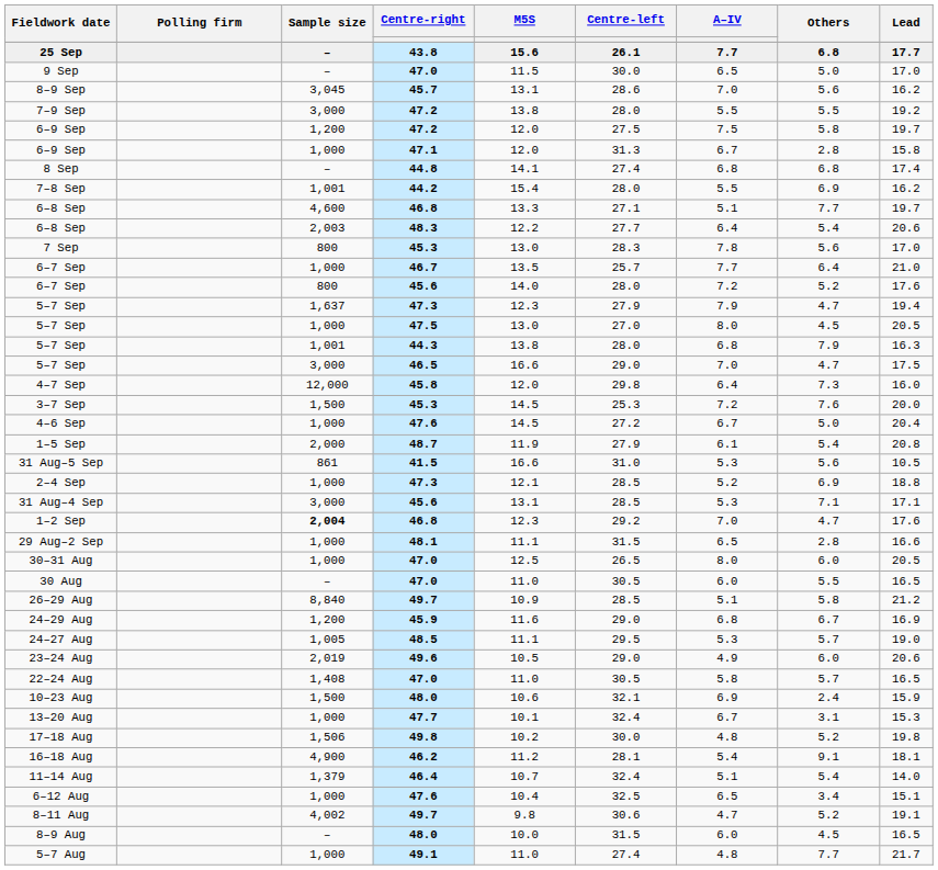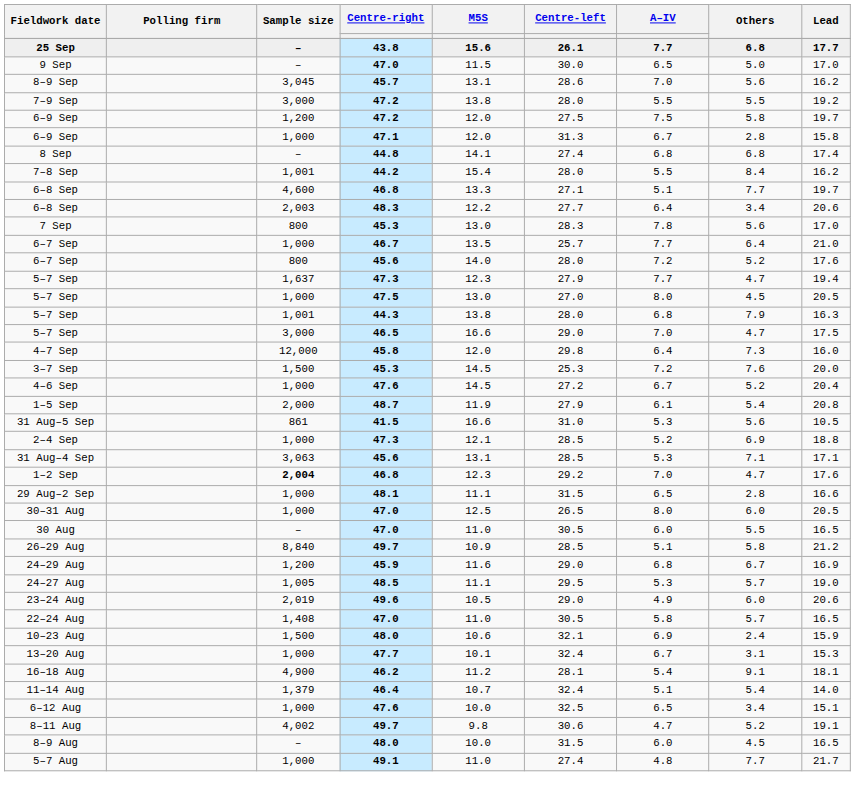 <table class="wikitable mw-collapsible" style="text-align:center;font-size:85%;line-height:13px">
 <tr style="height:30px; background-color:#E9E9E9">
 <th rowspan="2" style="width:100px;">Fieldwork date</th>
 <th rowspan="2" style="width:150px;">Polling firm</th>
 <th rowspan="2" style="width:80px;">Sample size</th>
 <th style="width:90px;"><a href='#'>Centre-right</a></th>
 <th style="width:90px;"><a href='#'>M5S</a></th>
 <th style="width:90px;"><a href='#'>Centre-left</a></th>
 <th style="width:90px;"><a href='#'>A–IV</a></th>
 <th style="width:90px;" rowspan="2">Others</th>
 <th style="width:45px;" rowspan="2">Lead</th>
 </tr>
 <tr>
 <th style="background:"></th>
 <th style="background:"></th>
 <th style="background:"></th>
 <th style="background:"></th>
 </tr>
 <tr>
 </tr>
 <tr style="background:#EFEFEF; font-weight:bold;">
 <td>25 Sep</td>
 <td></td>
 <td>–</td>
 <td style="background:#C8EBFF">43.8</td>
 <td>15.6</td>
 <td>26.1</td>
 <td>7.7</td>
 <td>6.8</td>
 <td style="background:">17.7</td>
 </tr>
 <tr>
 <td>9 Sep</td>
 <td></td>
 <td>–</td>
 <td style="background:#C8EBFF"><strong>47.0</strong></td>
 <td>11.5</td>
 <td>30.0</td>
 <td>6.5</td>
 <td>5.0</td>
 <td style="background:">17.0</td>
 </tr>
 <tr>
 <td>8–9 Sep</td>
 <td></td>
 <td>3,045</td>
 <td style="background:#C8EBFF"><strong>45.7</strong></td>
 <td>13.1</td>
 <td>28.6</td>
 <td>7.0</td>
 <td>5.6</td>
 <td style="background:">16.2</td>
 </tr>
 <tr>
 <td>7–9 Sep</td>
 <td></td>
 <td>3,000</td>
 <td style="background:#C8EBFF"><strong>47.2</strong></td>
 <td>13.8</td>
 <td>28.0</td>
 <td>5.5</td>
 <td>5.5</td>
 <td style="background:">19.2</td>
 </tr>
 <tr>
 <td>6–9 Sep</td>
 <td></td>
 <td>1,200</td>
 <td style="background:#C8EBFF"><strong>47.2</strong></td>
 <td>12.0</td>
 <td>27.5</td>
 <td>7.5</td>
 <td>5.8</td>
 <td style="background:">19.7</td>
 </tr>
 <tr>
 <td>6–9 Sep</td>
 <td></td>
 <td>1,000</td>
 <td style="background:#C8EBFF"><strong>47.1</strong></td>
 <td>12.0</td>
 <td>31.3</td>
 <td>6.7</td>
 <td>2.8</td>
 <td style="background:">15.8</td>
 </tr>
 <tr>
 <td>8 Sep</td>
 <td></td>
 <td>–</td>
 <td style="background:#C8EBFF"><strong>44.8</strong></td>
 <td>14.1</td>
 <td>27.4</td>
 <td>6.8</td>
 <td>6.8</td>
 <td style="background:">17.4</td>
 </tr>
 <tr>
 <td>7–8 Sep</td>
 <td></td>
 <td>1,001</td>
 <td style="background:#C8EBFF"><strong>44.2</strong></td>
 <td>15.4</td>
 <td>28.0</td>
 <td>5.5</td>
-<td>6.9</td>
+<td>8.4</td>
 <td style="background:">16.2</td>
 </tr>
 <tr>
 <td>6–8 Sep</td>
 <td></td>
 <td>4,600</td>
 <td style="background:#C8EBFF"><strong>46.8</strong></td>
 <td>13.3</td>
 <td>27.1</td>
 <td>5.1</td>
 <td>7.7</td>
 <td style="background:">19.7</td>
 </tr>
 <tr>
 <td>6–8 Sep</td>
 <td></td>
 <td>2,003</td>
 <td style="background:#C8EBFF"><strong>48.3</strong></td>
 <td>12.2</td>
 <td>27.7</td>
 <td>6.4</td>
-<td>5.4</td>
+<td>3.4</td>
 <td style="background:">20.6</td>
 </tr>
 <tr>
 <td>7 Sep</td>
 <td></td>
 <td>800</td>
 <td style="background:#C8EBFF"><strong>45.3</strong></td>
 <td>13.0</td>
 <td>28.3</td>
 <td>7.8</td>
 <td>5.6</td>
 <td style="background:">17.0</td>
 </tr>
 <tr>
 <td>6–7 Sep</td>
 <td></td>
 <td>1,000</td>
 <td style="background:#C8EBFF"><strong>46.7</strong></td>
 <td>13.5</td>
 <td>25.7</td>
 <td>7.7</td>
 <td>6.4</td>
 <td style="background:">21.0</td>
 </tr>
 <tr>
 <td>6–7 Sep</td>
 <td></td>
 <td>800</td>
 <td style="background:#C8EBFF"><strong>45.6</strong></td>
 <td>14.0</td>
 <td>28.0</td>
 <td>7.2</td>
 <td>5.2</td>
 <td style="background:">17.6</td>
 </tr>
 <tr>
 <td>5–7 Sep</td>
 <td></td>
 <td>1,637</td>
 <td style="background:#C8EBFF"><strong>47.3</strong></td>
 <td>12.3</td>
 <td>27.9</td>
-<td>7.9</td>
+<td>7.7</td>
 <td>4.7</td>
 <td style="background:">19.4</td>
 </tr>
 <tr>
 <td>5–7 Sep</td>
 <td></td>
 <td>1,000</td>
 <td style="background:#C8EBFF"><strong>47.5</strong></td>
 <td>13.0</td>
 <td>27.0</td>
 <td>8.0</td>
 <td>4.5</td>
 <td style="background:">20.5</td>
 </tr>
 <tr>
 <td>5–7 Sep</td>
 <td></td>
 <td>1,001</td>
 <td style="background:#C8EBFF"><strong>44.3</strong></td>
 <td>13.8</td>
 <td>28.0</td>
 <td>6.8</td>
 <td>7.9</td>
 <td style="background:">16.3</td>
 </tr>
 <tr>
 <td>5–7 Sep</td>
 <td></td>
 <td>3,000</td>
 <td style="background:#C8EBFF"><strong>46.5</strong></td>
 <td>16.6</td>
 <td>29.0</td>
 <td>7.0</td>
 <td>4.7</td>
 <td style="background:">17.5</td>
 </tr>
 <tr>
 <td>4–7 Sep</td>
 <td></td>
 <td>12,000</td>
 <td style="background:#C8EBFF"><strong>45.8</strong></td>
 <td>12.0</td>
 <td>29.8</td>
 <td>6.4</td>
 <td>7.3</td>
 <td style="background:">16.0</td>
 </tr>
 <tr>
 <td>3–7 Sep</td>
 <td></td>
 <td>1,500</td>
 <td style="background:#C8EBFF"><strong>45.3</strong></td>
 <td>14.5</td>
 <td>25.3</td>
 <td>7.2</td>
 <td>7.6</td>
 <td style="background:">20.0</td>
 </tr>
 <tr>
 <td>4–6 Sep</td>
 <td></td>
 <td>1,000</td>
 <td style="background:#C8EBFF"><strong>47.6</strong></td>
 <td>14.5</td>
 <td>27.2</td>
 <td>6.7</td>
-<td>5.0</td>
+<td>5.2</td>
 <td style="background:">20.4</td>
 </tr>
 <tr>
 <td>1–5 Sep</td>
 <td></td>
 <td>2,000</td>
 <td style="background:#C8EBFF"><strong>48.7</strong></td>
 <td>11.9</td>
 <td>27.9</td>
 <td>6.1</td>
 <td>5.4</td>
 <td style="background:">20.8</td>
 </tr>
 <tr>
 <td>31 Aug–5 Sep</td>
 <td></td>
 <td>861</td>
 <td style="background:#C8EBFF"><strong>41.5</strong></td>
 <td>16.6</td>
 <td>31.0</td>
 <td>5.3</td>
 <td>5.6</td>
 <td style="background:">10.5</td>
 </tr>
 <tr>
 <td>2–4 Sep</td>
 <td></td>
 <td>1,000</td>
 <td style="background:#C8EBFF"><strong>47.3</strong></td>
 <td>12.1</td>
 <td>28.5</td>
 <td>5.2</td>
 <td>6.9</td>
 <td style="background:">18.8</td>
 </tr>
 <tr>
 <td>31 Aug–4 Sep</td>
 <td></td>
-<td>3,000</td>
+<td>3,063</td>
 <td style="background:#C8EBFF"><strong>45.6</strong></td>
 <td>13.1</td>
 <td>28.5</td>
 <td>5.3</td>
 <td>7.1</td>
 <td style="background:">17.1</td>
 </tr>
 <tr>
 <td>1–2 Sep</td>
 <td></td>
 <td><strong>2,004</strong></td>
 <td style="background:#C8EBFF"><strong>46.8</strong></td>
 <td>12.3</td>
 <td>29.2</td>
 <td>7.0</td>
 <td>4.7</td>
 <td style="background:">17.6</td>
 </tr>
 <tr>
 <td>29 Aug–2 Sep</td>
 <td></td>
 <td>1,000</td>
 <td style="background:#C8EBFF"><strong>48.1</strong></td>
 <td>11.1</td>
 <td>31.5</td>
 <td>6.5</td>
 <td>2.8</td>
 <td style="background:">16.6</td>
 </tr>
 <tr>
 <td>30–31 Aug</td>
 <td></td>
 <td>1,000</td>
 <td style="background:#C8EBFF"><strong>47.0</strong></td>
 <td>12.5</td>
 <td>26.5</td>
 <td>8.0</td>
 <td>6.0</td>
 <td style="background:">20.5</td>
 </tr>
 <tr>
 <td>30 Aug</td>
 <td></td>
 <td>–</td>
 <td style="background:#C8EBFF"><strong>47.0</strong></td>
 <td>11.0</td>
 <td>30.5</td>
 <td>6.0</td>
 <td>5.5</td>
 <td style="background:">16.5</td>
 </tr>
 <tr>
 <td>26–29 Aug</td>
 <td></td>
 <td>8,840</td>
 <td style="background:#C8EBFF"><strong>49.7</strong></td>
 <td>10.9</td>
 <td>28.5</td>
 <td>5.1</td>
 <td>5.8</td>
 <td style="background:">21.2</td>
 </tr>
 <tr>
 <td>24–29 Aug</td>
 <td></td>
 <td>1,200</td>
 <td style="background:#C8EBFF"><strong>45.9</strong></td>
 <td>11.6</td>
 <td>29.0</td>
 <td>6.8</td>
 <td>6.7</td>
 <td style="background:">16.9</td>
 </tr>
 <tr>
 <td>24–27 Aug</td>
 <td></td>
 <td>1,005</td>
 <td style="background:#C8EBFF"><strong>48.5</strong></td>
 <td>11.1</td>
 <td>29.5</td>
 <td>5.3</td>
 <td>5.7</td>
 <td style="background:">19.0</td>
 </tr>
 <tr>
 <td>23–24 Aug</td>
 <td></td>
 <td>2,019</td>
 <td style="background:#C8EBFF"><strong>49.6</strong></td>
 <td>10.5</td>
 <td>29.0</td>
 <td>4.9</td>
 <td>6.0</td>
 <td style="background:">20.6</td>
 </tr>
 <tr>
 <td>22–24 Aug</td>
 <td></td>
 <td>1,408</td>
 <td style="background:#C8EBFF"><strong>47.0</strong></td>
 <td>11.0</td>
 <td>30.5</td>
 <td>5.8</td>
 <td>5.7</td>
 <td style="background:">16.5</td>
 </tr>
 <tr>
 <td>10–23 Aug</td>
 <td></td>
 <td>1,500</td>
 <td style="background:#C8EBFF"><strong>48.0</strong></td>
 <td>10.6</td>
 <td>32.1</td>
 <td>6.9</td>
 <td>2.4</td>
 <td style="background:">15.9</td>
 </tr>
 <tr>
 <td>13–20 Aug</td>
 <td></td>
 <td>1,000</td>
 <td style="background:#C8EBFF"><strong>47.7</strong></td>
 <td>10.1</td>
 <td>32.4</td>
 <td>6.7</td>
 <td>3.1</td>
 <td style="background:">15.3</td>
 </tr>
 <tr>
-<td>17–18 Aug</td>
-<td> </td>
-<td>1,506</td>
-<td style="background:#C8EBFF"><strong>49.8</strong></td>
-<td>10.2</td>
-<td>30.0</td>
-<td>4.8</td>
-<td>5.2</td>
-<td style="background:">19.8</td>
-</tr>
-<tr>
 <td>16–18 Aug</td>
 <td></td>
 <td>4,900</td>
 <td style="background:#C8EBFF"><strong>46.2</strong></td>
 <td>11.2</td>
 <td>28.1</td>
 <td>5.4</td>
 <td>9.1</td>
 <td style="background:">18.1</td>
 </tr>
 <tr>
 <td>11–14 Aug</td>
 <td></td>
 <td>1,379</td>
 <td style="background:#C8EBFF"><strong>46.4</strong></td>
 <td>10.7</td>
 <td>32.4</td>
 <td>5.1</td>
 <td>5.4</td>
 <td style="background:">14.0</td>
 </tr>
 <tr>
 <td>6–12 Aug</td>
 <td></td>
 <td>1,000</td>
 <td style="background:#C8EBFF"><strong>47.6</strong></td>
-<td>10.4</td>
+<td>10.0</td>
 <td>32.5</td>
 <td>6.5</td>
 <td>3.4</td>
 <td style="background:">15.1</td>
 </tr>
 <tr>
 <td>8–11 Aug</td>
 <td></td>
 <td>4,002</td>
 <td style="background:#C8EBFF"><strong>49.7</strong></td>
 <td>9.8</td>
 <td>30.6</td>
 <td>4.7</td>
 <td>5.2</td>
 <td style="background:">19.1</td>
 </tr>
 <tr>
 <td>8–9 Aug</td>
 <td></td>
 <td>–</td>
 <td style="background:#C8EBFF"><strong>48.0</strong></td>
 <td>10.0</td>
 <td>31.5</td>
 <td>6.0</td>
 <td>4.5</td>
 <td style="background:">16.5</td>
 </tr>
 <tr>
 <td>5–7 Aug</td>
 <td></td>
 <td>1,000</td>
 <td style="background:#C8EBFF"><strong>49.1</strong></td>
 <td>11.0</td>
 <td>27.4</td>
 <td>4.8</td>
 <td>7.7</td>
 <td style="background:">21.7</td>
 </tr>
 </table>
